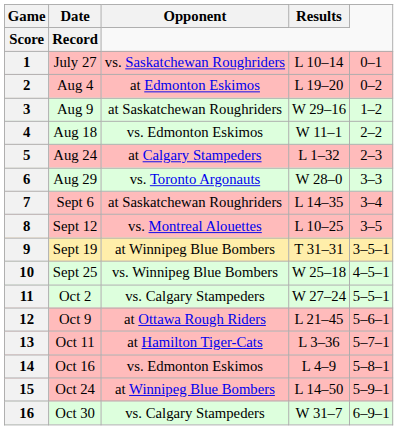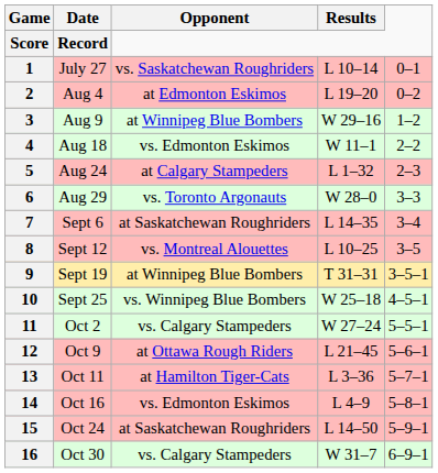 <table class="wikitable" style="text-align:center">
 <tr>
 <th>Game</th>
 <th>Date</th>
 <th>Opponent</th>
 <th>Results</th>
 </tr>
 <tr>
 <th>Score</th>
 <th>Record</th>
 </tr>
 <tr style="background:#ffbbbb">
 <th>1</th>
 <td>July 27</td>
 <td>vs. <a href='#'>Saskatchewan Roughriders</a></td>
 <td>L 10–14</td>
 <td>0–1</td>
 </tr>
 <tr style="background:#ffbbbb">
 <th>2</th>
 <td>Aug 4</td>
 <td>at <a href='#'>Edmonton Eskimos</a></td>
 <td>L 19–20</td>
 <td>0–2</td>
 </tr>
 <tr style="background:#ddffdd">
 <th>3</th>
 <td>Aug 9</td>
-<td>at Saskatchewan Roughriders</td>
+<td>at <a href='#'>Winnipeg Blue Bombers</a></td>
 <td>W 29–16</td>
 <td>1–2</td>
 </tr>
 <tr style="background:#ddffdd">
 <th>4</th>
 <td>Aug 18</td>
 <td>vs. Edmonton Eskimos</td>
 <td>W 11–1</td>
 <td>2–2</td>
 </tr>
 <tr style="background:#ffbbbb">
 <th>5</th>
 <td>Aug 24</td>
 <td>at <a href='#'>Calgary Stampeders</a></td>
 <td>L 1–32</td>
 <td>2–3</td>
 </tr>
 <tr style="background:#ddffdd">
 <th>6</th>
 <td>Aug 29</td>
 <td>vs. <a href='#'>Toronto Argonauts</a></td>
 <td>W 28–0</td>
 <td>3–3</td>
 </tr>
 <tr style="background:#ffbbbb">
 <th>7</th>
 <td>Sept 6</td>
 <td>at Saskatchewan Roughriders</td>
 <td>L 14–35</td>
 <td>3–4</td>
 </tr>
 <tr style="background:#ffbbbb">
 <th>8</th>
 <td>Sept 12</td>
 <td>vs. <a href='#'>Montreal Alouettes</a></td>
 <td>L 10–25</td>
 <td>3–5</td>
 </tr>
 <tr style="background:#ffeeaa">
 <th>9</th>
 <td>Sept 19</td>
 <td>at Winnipeg Blue Bombers</td>
 <td>T 31–31</td>
 <td>3–5–1</td>
 </tr>
 <tr style="background:#ddffdd">
 <th>10</th>
 <td>Sept 25</td>
 <td>vs. Winnipeg Blue Bombers</td>
 <td>W 25–18</td>
 <td>4–5–1</td>
 </tr>
 <tr style="background:#ddffdd">
 <th>11</th>
 <td>Oct 2</td>
 <td>vs. Calgary Stampeders</td>
 <td>W 27–24</td>
 <td>5–5–1</td>
 </tr>
 <tr style="background:#ffbbbb">
 <th>12</th>
 <td>Oct 9</td>
 <td>at <a href='#'>Ottawa Rough Riders</a></td>
 <td>L 21–45</td>
 <td>5–6–1</td>
 </tr>
 <tr style="background:#ffbbbb">
 <th>13</th>
 <td>Oct 11</td>
 <td>at <a href='#'>Hamilton Tiger-Cats</a></td>
 <td>L 3–36</td>
 <td>5–7–1</td>
 </tr>
 <tr style="background:#ffbbbb">
 <th>14</th>
 <td>Oct 16</td>
 <td>vs. Edmonton Eskimos</td>
 <td>L 4–9</td>
 <td>5–8–1</td>
 </tr>
 <tr style="background:#ffbbbb">
 <th>15</th>
 <td>Oct 24</td>
-<td>at <a href='#'>Winnipeg Blue Bombers</a></td>
+<td>at Saskatchewan Roughriders</td>
 <td>L 14–50</td>
 <td>5–9–1</td>
 </tr>
 <tr style="background:#ddffdd">
 <th>16</th>
 <td>Oct 30</td>
 <td>vs. Calgary Stampeders</td>
 <td>W 31–7</td>
 <td>6–9–1</td>
 </tr>
 </table>
